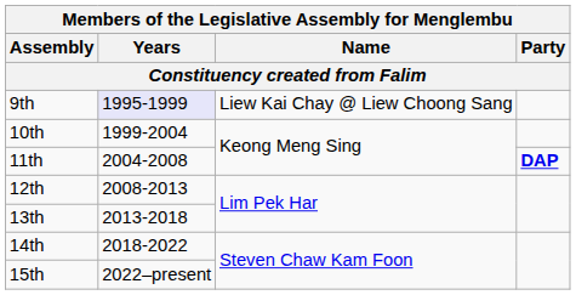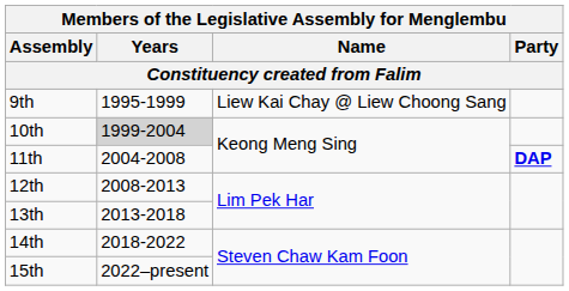 <table class="wikitable">
 <tr>
 <th colspan="4">Members of the Legislative Assembly for Menglembu</th>
 </tr>
 <tr>
 <th>Assembly</th>
 <th>Years</th>
 <th>Name</th>
 <th>Party</th>
 </tr>
 <tr>
 <th colspan="4"><em>Constituency created from Falim</em></th>
 </tr>
 <tr>
 <td>9th</td>
-<td style="background: lavender;">1995-1999</td>
+<td>1995-1999</td>
 <td>Liew Kai Chay @ Liew Choong Sang</td>
 <td></td>
 </tr>
 <tr>
 <td>10th</td>
-<td>1999-2004</td>
+<td style="background: lightgrey;">1999-2004</td>
 <td rowspan="2">Keong Meng Sing</td>
 <td bgcolor=></td>
 </tr>
 <tr>
 <td>11th</td>
 <td>2004-2008</td>
 <td><strong><a href='#'>DAP</a></strong></td>
 </tr>
 <tr>
 <td>12th</td>
 <td>2008-2013</td>
 <td rowspan="2"><a href='#'>Lim Pek Har</a></td>
 <td rowspan="2" bgcolor=></td>
 </tr>
 <tr>
 <td>13th</td>
 <td>2013-2018</td>
 </tr>
 <tr>
 <td>14th</td>
 <td>2018-2022</td>
 <td rowspan="2"><a href='#'>Steven Chaw Kam Foon</a></td>
 <td rowspan="2"></td>
 </tr>
 <tr>
 <td>15th</td>
 <td>2022–present</td>
 </tr>
 </table>
